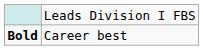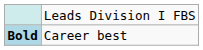 <table class="wikitable">
 <tr>
 <td style="background:#cfecec;"></td>
 <td>Leads Division I FBS</td>
 </tr>
 <tr>
-<td><strong>Bold</strong></td>
+<td style="background: lightblue;"><strong>Bold</strong></td>
 <td>Career best</td>
 </tr>
 </table>
